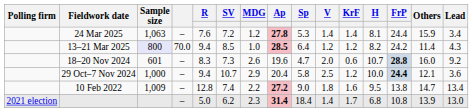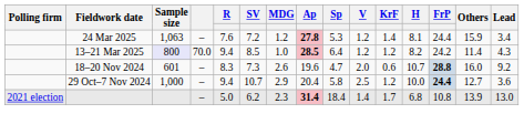 <table class="wikitable sortable mw-datatable" style="text-align:center;font-size:90%;line-height:14px;">
 <tr>
 <th rowspan="2">Polling firm</th>
 <th rowspan="2">Fieldwork date</th>
 <th rowspan="2">Sample<br>size</th>
 <th rowspan="2"></th>
 <th class="unsortable" style="width:30px;"><a href='#'>R</a></th>
 <th class="unsortable" style="width:30px;"><a href='#'>SV</a></th>
 <th class="unsortable" style="width:30px;"><a href='#'>MDG</a></th>
 <th class="unsortable" style="width:30px;"><a href='#'>Ap</a></th>
 <th class="unsortable" style="width:30px;"><a href='#'>Sp</a></th>
 <th class="unsortable" style="width:30px;"><a href='#'>V</a></th>
 <th class="unsortable" style="width:30px;"><a href='#'>KrF</a></th>
 <th class="unsortable" style="width:30px;"><a href='#'>H</a></th>
 <th class="unsortable" style="width:30px;"><a href='#'>FrP</a></th>
 <th rowspan="2" class="unsortable" style="width:30px;">Others</th>
 <th rowspan="2">Lead</th>
 </tr>
 <tr>
 <th style="background:"></th>
 <th style="background:"></th>
 <th style="background:"></th>
 <th style="background:"></th>
 <th style="background:"></th>
 <th style="background:"></th>
 <th style="background:"></th>
 <th style="background:"></th>
 <th style="background:"></th>
 </tr>
 <tr>
 <td></td>
 <td>24 Mar 2025</td>
 <td>1,063</td>
 <td>–</td>
 <td>7.6</td>
 <td>7.2</td>
 <td>1.2</td>
 <td style="background:#F7BDC5;"><strong>27.8</strong></td>
 <td>5.3</td>
-<td>1.4</td>
+<td>1.2</td>
 <td>1.4</td>
 <td>8.1</td>
 <td>24.4</td>
 <td>15.9</td>
 <td style="background:">3.4</td>
 </tr>
 <tr>
 <td></td>
 <td>13–21 Mar 2025</td>
 <td style="background: lavender;">800</td>
 <td>70.0</td>
 <td>9.4</td>
 <td>8.5</td>
 <td>1.0</td>
 <td style="background:#F7BDC5;"><strong>28.5</strong></td>
 <td>6.4</td>
 <td>1.2</td>
 <td>1.2</td>
 <td>8.2</td>
 <td>24.2</td>
 <td>11.4</td>
 <td style="background:">4.3</td>
 </tr>
 <tr>
 <td></td>
 <td>18–20 Nov 2024</td>
 <td>601</td>
 <td>–</td>
 <td>8.3</td>
 <td>7.3</td>
 <td>2.6</td>
 <td>19.6</td>
 <td>4.7</td>
 <td>2.0</td>
 <td>0.6</td>
 <td>10.7</td>
 <td style="background:#ccdae8;"><strong>28.8</strong></td>
 <td>16.0</td>
 <td style="background:">9.2</td>
 </tr>
 <tr>
 <td></td>
 <td>29 Oct–7 Nov 2024</td>
 <td>1,000</td>
 <td>–</td>
 <td>9.4</td>
 <td>10.7</td>
 <td>2.9</td>
 <td>20.4</td>
 <td>5.8</td>
 <td>2.5</td>
 <td>1.2</td>
 <td>10.0</td>
 <td style="background:#ccdae8;"><strong>24.4</strong></td>
-<td>12.1</td>
+<td>12.7</td>
 <td style="background:">3.6</td>
-</tr>
-<tr>
-<td></td>
-<td>10 Feb 2022</td>
-<td>1,009</td>
-<td>–</td>
-<td>12.8</td>
-<td>7.4</td>
-<td>2.2</td>
-<td style="background:#F7BDC5;"><strong>27.2</strong></td>
-<td>9.0</td>
-<td>1.8</td>
-<td>1.6</td>
-<td>9.5</td>
-<td>13.8</td>
-<td>14.7</td>
-<td style="background:">13.4</td>
 </tr>
 <tr style="background:#E9E9E9;">
 <td><a href='#'>2021 election</a></td>
 <td></td>
 <td></td>
 <td>–</td>
 <td>5.0</td>
 <td>6.2</td>
 <td>2.3</td>
 <td style="background:#F7BDC5;"><strong>31.4</strong></td>
 <td>18.4</td>
 <td>1.4</td>
 <td>1.7</td>
 <td>6.8</td>
 <td>10.8</td>
 <td>13.9</td>
 <td style="background:">13.0</td>
 </tr>
 </table>
